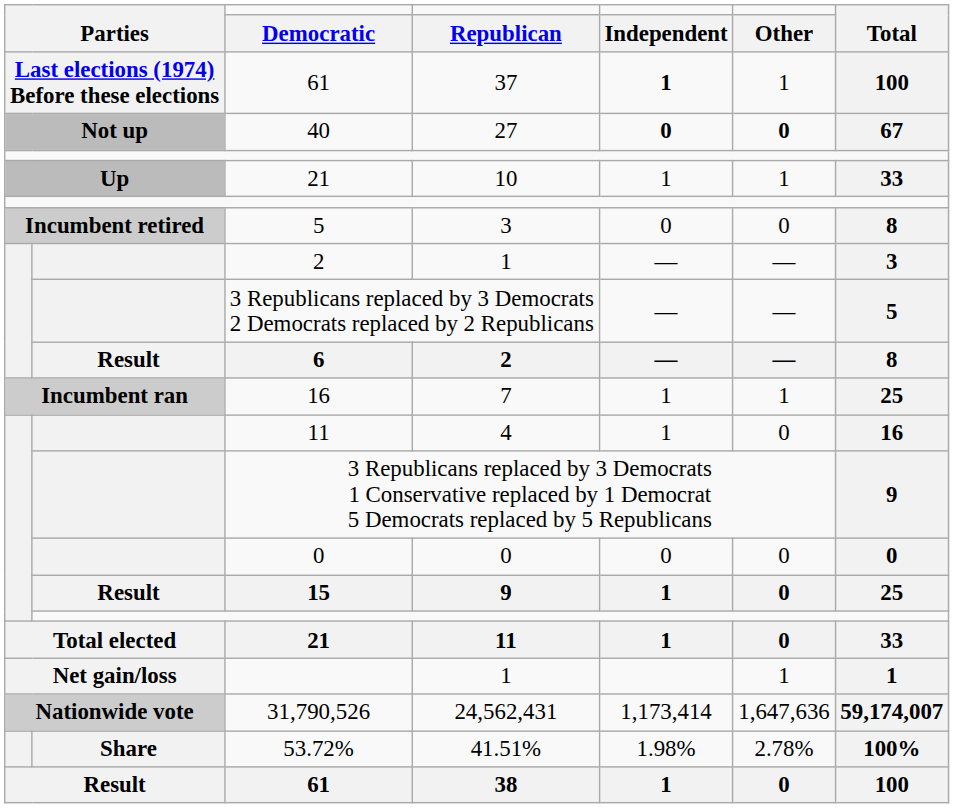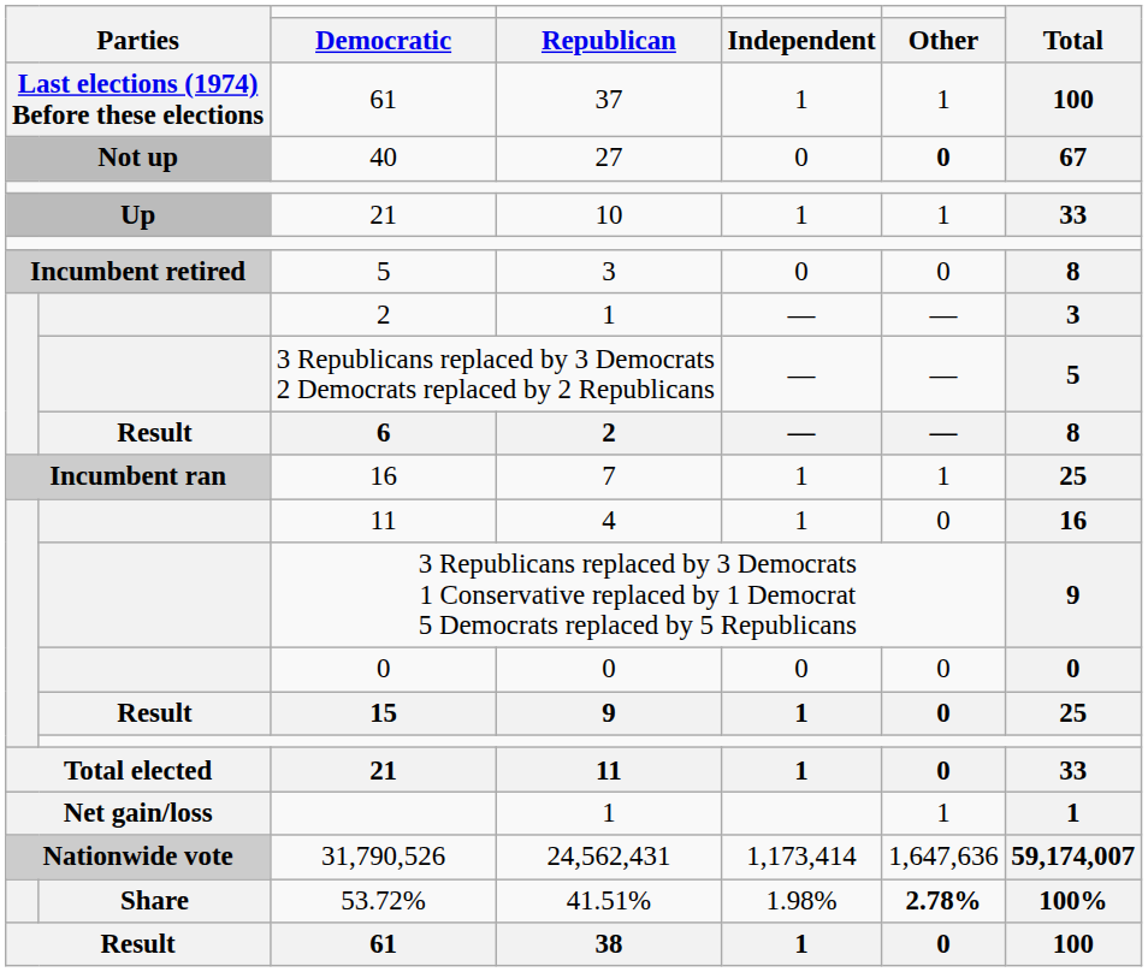 <table class=wikitable style=text-align:center>
 <tr valign=bottom>
 <th rowspan=2 colspan=2>Parties</th>
 <td style="background-color:"></td>
 <td style="background-color:"></td>
 <td style="background-color:"></td>
 <td style="background-color:"></td>
 <th rowspan=2>Total</th>
 </tr>
 <tr valign=bottom>
 <th><a href='#'>Democratic</a></th>
 <th><a href='#'>Republican</a></th>
 <th>Independent</th>
 <th>Other</th>
 </tr>
 <tr>
 <th colspan=2><a href='#'>Last elections (1974)</a><br>Before these elections</th>
 <td>61</td>
 <td>37</td>
-<td><strong>1</strong></td>
+<td>1</td>
 <td>1</td>
 <th>100</th>
 </tr>
 <tr>
 <th colspan=2 style="background:#bbb">Not up</th>
 <td>40</td>
 <td>27</td>
-<td><strong>0</strong></td>
+<td>0</td>
 <td><strong>0</strong></td>
 <th>67</th>
 </tr>
 <tr>
 <td colspan=100></td>
 </tr>
 <tr>
 <th colspan=2 style="background:#bbb">Up<br></th>
 <td>21</td>
 <td>10</td>
 <td>1</td>
 <td>1</td>
 <th>33</th>
 </tr>
 <tr>
 <td colspan=100></td>
 </tr>
 <tr>
 <th colspan=2 style="background:#ccc">Incumbent retired</th>
 <td>5</td>
 <td>3</td>
 <td>0</td>
 <td>0</td>
 <th>8</th>
 </tr>
 <tr>
 <th rowspan=3></th>
 <th></th>
 <td>2</td>
 <td>1</td>
 <td>—</td>
 <td>—</td>
 <th>3</th>
 </tr>
 <tr>
 <th></th>
 <td colspan=2 > 3 Republicans replaced by  3 Democrats<br> 2 Democrats replaced by  2 Republicans</td>
 <td>—</td>
 <td>—</td>
 <th>5</th>
 </tr>
 <tr>
 <th>Result</th>
 <th>6</th>
 <th>2</th>
 <th>—</th>
 <th>—</th>
 <th>8</th>
 </tr>
 <tr>
 <th colspan=2 style="background:#ccc">Incumbent ran</th>
 <td>16</td>
 <td>7</td>
 <td>1</td>
 <td>1</td>
 <th>25</th>
 </tr>
 <tr>
 <th rowspan=5></th>
 <th></th>
 <td>11</td>
 <td>4</td>
 <td>1</td>
 <td>0</td>
 <th>16</th>
 </tr>
 <tr>
 <th></th>
 <td colspan=4 > 3 Republicans replaced by  3 Democrats<br> 1 Conservative replaced by  1 Democrat<br> 5 Democrats replaced by  5 Republicans</td>
 <th>9</th>
 </tr>
 <tr>
 <th></th>
 <td>0</td>
 <td>0</td>
 <td>0</td>
 <td>0</td>
 <th>0</th>
 </tr>
 <tr>
 <th>Result</th>
 <th>15</th>
 <th>9</th>
 <th>1</th>
 <th>0</th>
 <th>25</th>
 </tr>
 <tr>
 <td colspan=100></td>
 </tr>
 <tr>
 <th colspan=2>Total elected</th>
 <th>21</th>
 <th>11</th>
 <th>1</th>
 <th>0</th>
 <th>33</th>
 </tr>
 <tr>
 <th colspan=2>Net gain/loss</th>
 <td></td>
 <td> 1</td>
 <td></td>
 <td> 1</td>
 <th>1</th>
 </tr>
 <tr>
 <th colspan=2 style="background:#ccc">Nationwide vote</th>
 <td>31,790,526</td>
 <td>24,562,431</td>
 <td>1,173,414</td>
 <td>1,647,636</td>
 <th>59,174,007</th>
 </tr>
 <tr>
 <th></th>
 <th>Share</th>
 <td>53.72%</td>
 <td>41.51%</td>
 <td>1.98%</td>
-<td>2.78%</td>
+<td><strong>2.78%</strong></td>
 <th>100%</th>
 </tr>
 <tr>
 <th colspan=2>Result</th>
 <th>61</th>
 <th>38</th>
 <th>1</th>
 <th>0</th>
 <th>100</th>
 </tr>
 </table>
